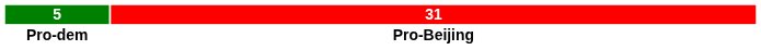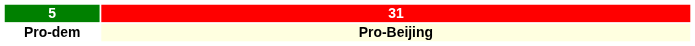 <table style="width:50%; text-align:center;">
 <tr style="color:white;">
 <td style="background:green; width:13.89%;"><strong>5</strong></td>
 <td style="background:red; width:86.11%;"><strong>31</strong></td>
 </tr>
 <tr>
 <td><span><strong>Pro-dem</strong></span></td>
-<td><span><strong>Pro-Beijing</strong></span></td>
+<td style="background: lightyellow;"><span><strong>Pro-Beijing</strong></span></td>
 </tr>
 </table>
